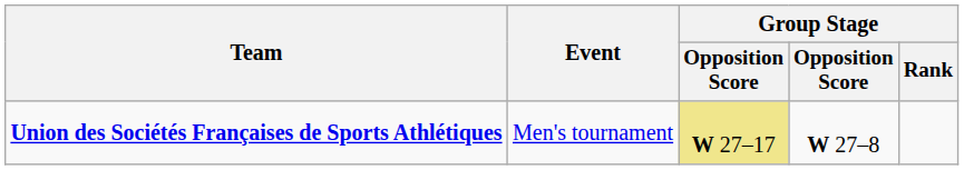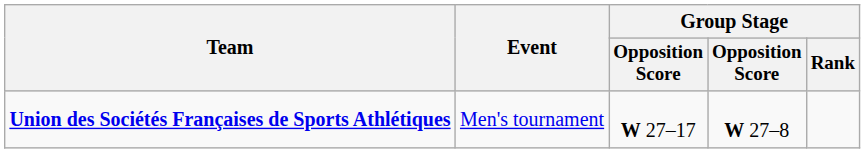 <table class="wikitable" style="font-size:90%">
 <tr>
 <th rowspan=2>Team</th>
 <th rowspan=2>Event</th>
 <th colspan=3>Group Stage</th>
 </tr>
 <tr style="font-size:95%">
 <th>Opposition<br>Score</th>
 <th>Opposition<br>Score</th>
 <th>Rank</th>
 </tr>
 <tr align=center>
 <td align=left><strong><a href='#'>Union des Sociétés Françaises de Sports Athlétiques</a></strong></td>
 <td align=left><a href='#'>Men's tournament</a></td>
-<td style="background: khaki;"><br><strong>W</strong> 27–17</td>
+<td><br><strong>W</strong> 27–17</td>
 <td><br><strong>W</strong> 27–8</td>
 <td></td>
 </tr>
 </table>
